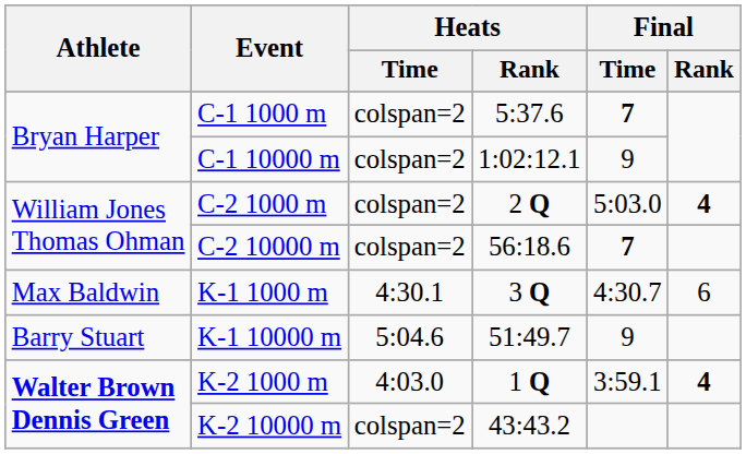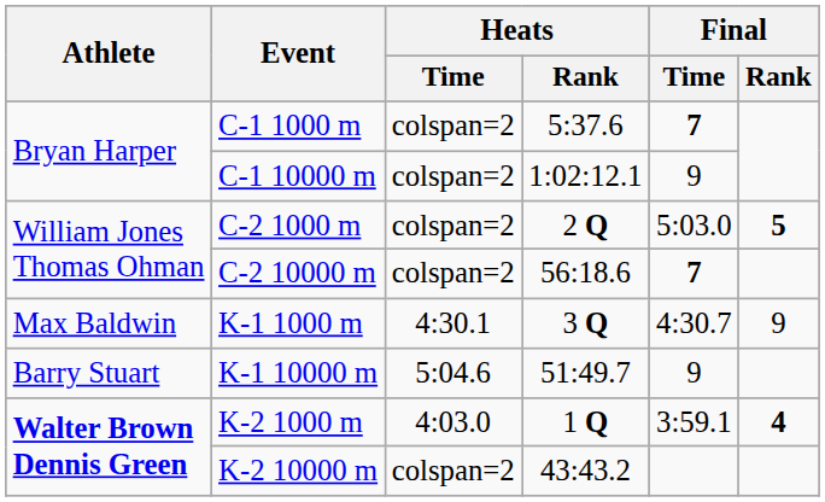 <table class="wikitable" style="font-size:90%">
 <tr>
 <th rowspan=2>Athlete</th>
 <th rowspan=2>Event</th>
 <th colspan=2>Heats</th>
 <th colspan=2>Final</th>
 </tr>
 <tr style="font-size:95%">
 <th>Time</th>
 <th>Rank</th>
 <th>Time</th>
 <th>Rank</th>
 </tr>
 <tr align=center>
 <td align=left rowspan=2><a href='#'>Bryan Harper</a></td>
 <td align=left><a href='#'>C-1 1000 m</a></td>
 <td>colspan=2 </td>
 <td>5:37.6</td>
 <td><strong>7</strong></td>
 </tr>
 <tr align=center>
 <td align=left><a href='#'>C-1 10000 m</a></td>
 <td>colspan=2 </td>
 <td>1:02:12.1</td>
 <td>9</td>
 </tr>
 <tr align=center>
 <td align=left rowspan=2><a href='#'>William Jones</a><br><a href='#'>Thomas Ohman</a></td>
 <td align=left><a href='#'>C-2 1000 m</a></td>
 <td>colspan=2 </td>
 <td>2 <strong>Q</strong></td>
 <td>5:03.0</td>
-<td><strong>4</strong></td>
+<td><strong>5</strong></td>
 </tr>
 <tr align=center>
 <td align=left><a href='#'>C-2 10000 m</a></td>
 <td>colspan=2 </td>
 <td>56:18.6</td>
 <td><strong>7</strong></td>
 </tr>
 <tr align=center>
 <td align=left><a href='#'>Max Baldwin</a></td>
 <td align=left><a href='#'>K-1 1000 m</a></td>
 <td>4:30.1</td>
 <td>3 <strong>Q</strong></td>
 <td>4:30.7</td>
-<td>6</td>
+<td>9</td>
 </tr>
 <tr align=center>
 <td align=left><a href='#'>Barry Stuart</a></td>
 <td align=left><a href='#'>K-1 10000 m</a></td>
 <td>5:04.6</td>
 <td>51:49.7</td>
 <td>9</td>
 </tr>
 <tr align=center>
 <td align=left rowspan=2><strong><a href='#'>Walter Brown</a><br><a href='#'>Dennis Green</a></strong></td>
 <td align=left><a href='#'>K-2 1000 m</a></td>
 <td>4:03.0</td>
 <td>1 <strong>Q</strong></td>
 <td>3:59.1</td>
 <td><strong>4</strong></td>
 </tr>
 <tr align=center>
 <td align=left><a href='#'>K-2 10000 m</a></td>
 <td>colspan=2 </td>
 <td>43:43.2</td>
 <td></td>
 </tr>
 </table>
